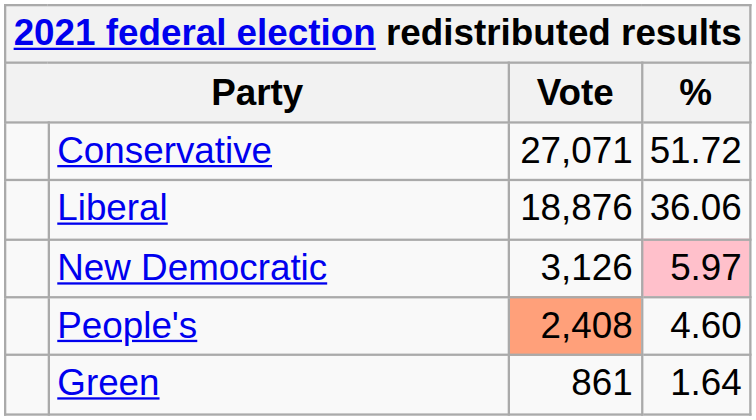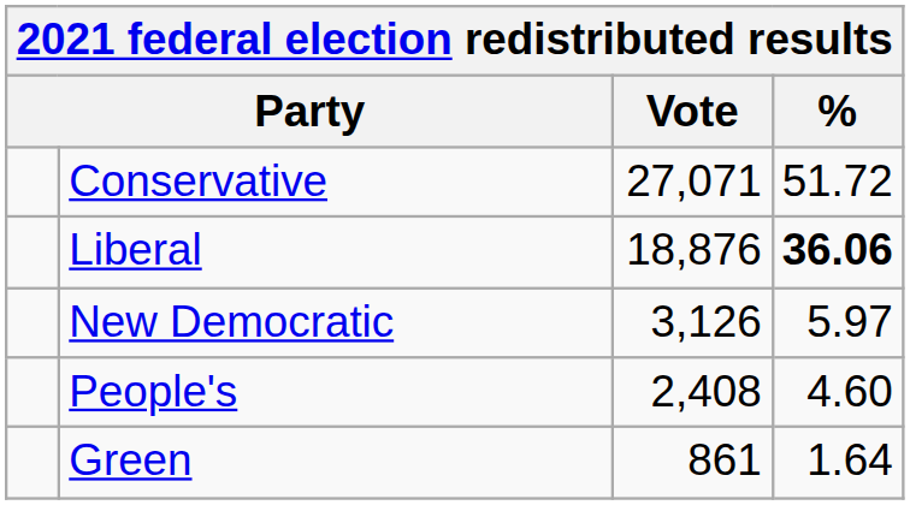 <table class="wikitable">
 <tr>
 <th colspan="4"><a href='#'>2021 federal election</a> redistributed results</th>
 </tr>
 <tr>
 <th bgcolor="#DDDDFF" width="130px" colspan="2">Party</th>
 <th bgcolor="#DDDDFF" width="50px">Vote</th>
 <th bgcolor="#DDDDFF" width="30px">%</th>
 </tr>
 <tr>
 <td> </td>
 <td><a href='#'>Conservative</a></td>
 <td align=right>27,071</td>
 <td align=right>51.72</td>
 </tr>
 <tr>
 <td> </td>
 <td><a href='#'>Liberal</a></td>
 <td align=right>18,876</td>
-<td align=right>36.06</td>
+<td align=right><strong>36.06</strong></td>
 </tr>
 <tr>
 <td> </td>
 <td><a href='#'>New Democratic</a></td>
 <td align=right>3,126</td>
-<td align=right style="background: pink;">5.97</td>
+<td align=right>5.97</td>
 </tr>
 <tr>
 <td> </td>
 <td><a href='#'>People's</a></td>
-<td align=right style="background: lightsalmon;">2,408</td>
+<td align=right>2,408</td>
 <td align=right>4.60</td>
 </tr>
 <tr>
 <td> </td>
 <td><a href='#'>Green</a></td>
 <td align=right>861</td>
 <td align=right>1.64</td>
 </tr>
 </table>
